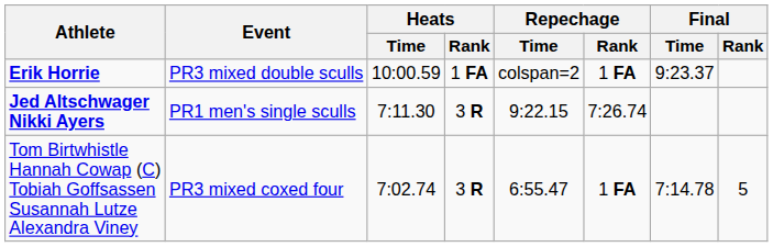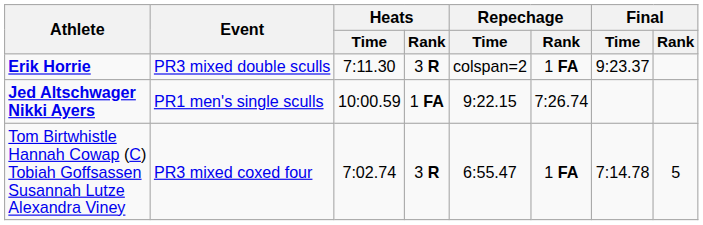 <table class=wikitable style=font-size:90%;text-align:center>
 <tr>
 <th rowspan=2>Athlete</th>
 <th rowspan=2>Event</th>
 <th colspan=2>Heats</th>
 <th colspan=2>Repechage</th>
 <th colspan=2>Final</th>
 </tr>
 <tr style=font-size:95%>
 <th>Time</th>
 <th>Rank</th>
 <th>Time</th>
 <th>Rank</th>
 <th>Time</th>
 <th>Rank</th>
 </tr>
 <tr>
 <td align=left><strong><a href='#'>Erik Horrie</a></strong></td>
 <td align=left><a href='#'>PR3 mixed double sculls</a></td>
-<td>10:00.59</td>
-<td>1 <strong>FA</strong></td>
+<td>7:11.30</td>
+<td>3 <strong>R</strong></td>
 <td>colspan=2 </td>
 <td>1 <strong>FA</strong></td>
 <td>9:23.37</td>
 <td></td>
 </tr>
 <tr>
 <td align=left><strong><a href='#'>Jed Altschwager</a><br><a href='#'>Nikki Ayers</a></strong></td>
 <td align=left><a href='#'>PR1 men's single sculls</a></td>
-<td>7:11.30</td>
-<td>3 <strong>R</strong></td>
+<td>10:00.59</td>
+<td>1 <strong>FA</strong></td>
 <td>9:22.15</td>
 <td>7:26.74</td>
 <td></td>
 </tr>
 <tr>
 <td align=left><a href='#'>Tom Birtwhistle</a><br><a href='#'>Hannah Cowap</a> (<a href='#'>C</a>)<br><a href='#'>Tobiah Goffsassen</a><br><a href='#'>Susannah Lutze</a><br><a href='#'>Alexandra Viney</a></td>
 <td align=left><a href='#'>PR3 mixed coxed four</a></td>
 <td>7:02.74</td>
 <td>3 <strong>R</strong></td>
 <td>6:55.47</td>
 <td>1 <strong>FA</strong></td>
 <td>7:14.78</td>
 <td>5</td>
 </tr>
 </table>
